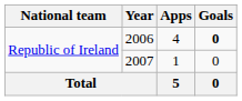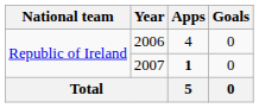 <table class="wikitable" style="text-align: center">
 <tr>
 <th>National team</th>
 <th>Year</th>
 <th>Apps</th>
 <th>Goals</th>
 </tr>
 <tr>
 <td rowspan="2"><a href='#'>Republic of Ireland</a></td>
 <td>2006</td>
 <td>4</td>
-<td><strong>0</strong></td>
+<td>0</td>
 </tr>
 <tr>
 <td>2007</td>
-<td>1</td>
+<td><strong>1</strong></td>
 <td>0</td>
 </tr>
 <tr>
 <th colspan=2>Total</th>
 <th>5</th>
 <th>0</th>
 </tr>
 </table>
